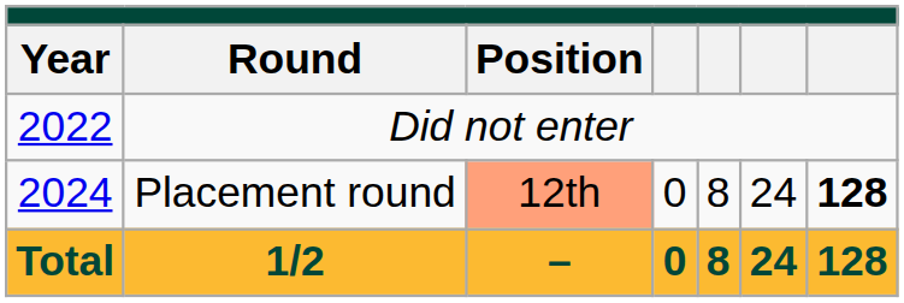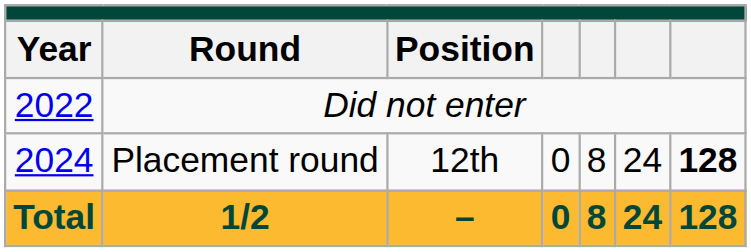 <table class="wikitable" style="text-align: center;">
 <tr>
 <th style="background:#004739;" colspan="7"><a href='#'></a></th>
 </tr>
 <tr>
 <th>Year</th>
 <th>Round</th>
 <th>Position</th>
 <th></th>
 <th></th>
 <th></th>
 <th></th>
 </tr>
 <tr>
 <td> <a href='#'>2022</a></td>
 <td colspan=6><em>Did not enter</em></td>
 </tr>
 <tr>
 <td> <a href='#'>2024</a></td>
 <td>Placement round</td>
-<td style="background: lightsalmon;">12th</td>
+<td>12th</td>
 <td>0</td>
 <td>8</td>
 <td>24</td>
 <td><strong>128</strong></td>
 </tr>
 <tr>
 <th style="color:#004739; background:#FCBA31;">Total</th>
 <th style="color:#004739; background:#FCBA31;">1/2</th>
 <th style="color:#004739; background:#FCBA31;">–</th>
 <th style="color:#004739; background:#FCBA31;">0</th>
 <th style="color:#004739; background:#FCBA31;">8</th>
 <th style="color:#004739; background:#FCBA31;">24</th>
 <th style="color:#004739; background:#FCBA31;">128</th>
 </tr>
 </table>
